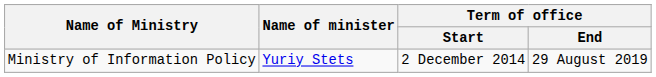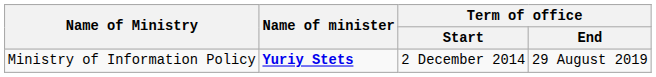 <table class="wikitable">
 <tr>
 <th rowspan=2>Name of Ministry</th>
 <th rowspan=2>Name of minister</th>
 <th colspan=2>Term of office</th>
 </tr>
 <tr>
 <th>Start</th>
 <th>End</th>
 </tr>
 <tr>
 <td>Ministry of Information Policy</td>
-<td><a href='#'>Yuriy Stets</a></td>
+<td><strong><a href='#'>Yuriy Stets</a></strong></td>
 <td>2 December 2014</td>
 <td>29 August 2019</td>
 </tr>
 </table>
